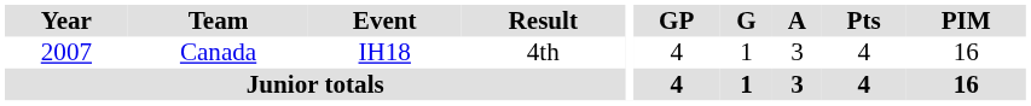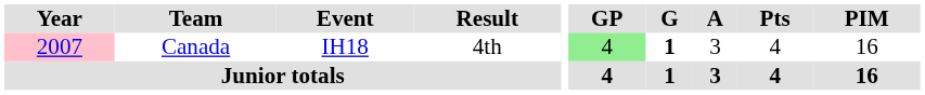 <table border="0" cellpadding="1" cellspacing="0" ID="Table3" style="text-align:center; width:40em">
 <tr ALIGN="center" bgcolor="#e0e0e0">
 <th>Year</th>
 <th>Team</th>
 <th>Event</th>
 <th>Result</th>
 <th rowspan="99" bgcolor="#ffffff"></th>
 <th>GP</th>
 <th>G</th>
 <th>A</th>
 <th>Pts</th>
 <th>PIM</th>
 </tr>
 <tr>
-<td><a href='#'>2007</a></td>
+<td style="background: pink;"><a href='#'>2007</a></td>
 <td><a href='#'>Canada</a></td>
 <td><a href='#'>IH18</a></td>
 <td>4th</td>
-<td>4</td>
-<td>1</td>
+<td style="background: lightgreen;">4</td>
+<td><strong>1</strong></td>
 <td>3</td>
 <td>4</td>
 <td>16</td>
 </tr>
 <tr bgcolor="#e0e0e0">
 <th colspan="4">Junior totals</th>
 <th>4</th>
 <th>1</th>
 <th>3</th>
 <th>4</th>
 <th>16</th>
 </tr>
 </table>
